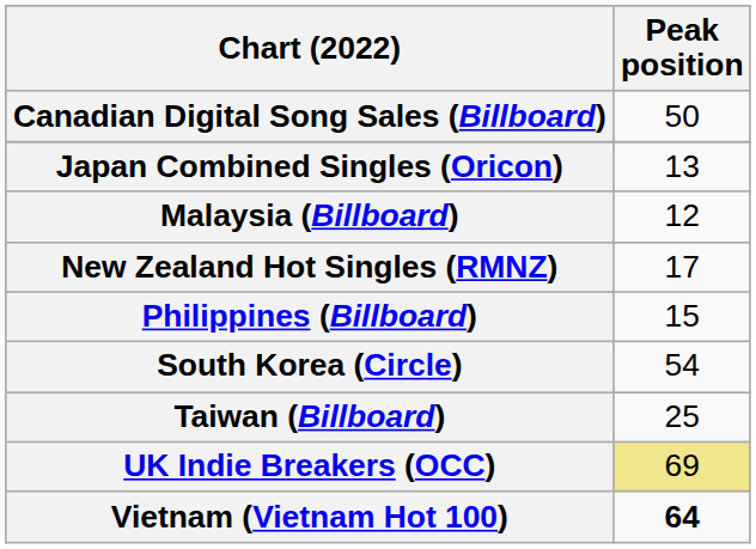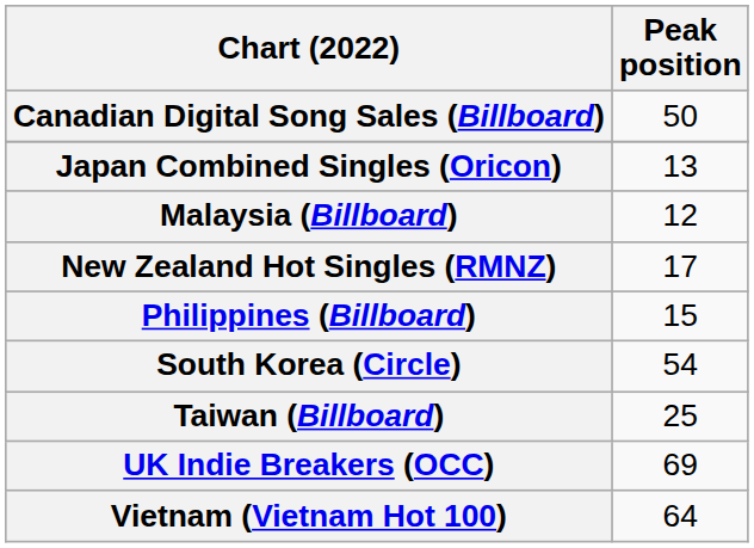 <table class="wikitable sortable plainrowheaders" style="text-align:center">
 <tr>
 <th scope="col">Chart (2022)</th>
 <th scope="col">Peak<br>position</th>
 </tr>
 <tr>
 <th scope="row">Canadian Digital Song Sales (<em><a href='#'>Billboard</a></em>)</th>
 <td>50</td>
 </tr>
 <tr>
 </tr>
 <tr>
 </tr>
 <tr>
 <th scope="row">Japan Combined Singles (<a href='#'>Oricon</a>)</th>
 <td>13</td>
 </tr>
 <tr>
 <th scope="row">Malaysia (<em><a href='#'>Billboard</a></em>)</th>
 <td>12</td>
 </tr>
 <tr>
 <th scope="row">New Zealand Hot Singles (<a href='#'>RMNZ</a>)</th>
 <td>17</td>
 </tr>
 <tr>
 <th scope="row"><a href='#'>Philippines</a> (<em><a href='#'>Billboard</a></em>)</th>
 <td>15</td>
 </tr>
 <tr>
 <th scope="row">South Korea (<a href='#'>Circle</a>)</th>
 <td>54</td>
 </tr>
 <tr>
 <th scope="row">Taiwan (<em><a href='#'>Billboard</a></em>)</th>
 <td>25</td>
 </tr>
 <tr>
 <th scope="row"><a href='#'>UK Indie Breakers</a> (<a href='#'>OCC</a>)</th>
-<td style="background: khaki;">69</td>
+<td>69</td>
 </tr>
 <tr>
 <th scope="row">Vietnam (<a href='#'>Vietnam Hot 100</a>)</th>
-<td><strong>64</strong></td>
+<td>64</td>
 </tr>
 </table>
